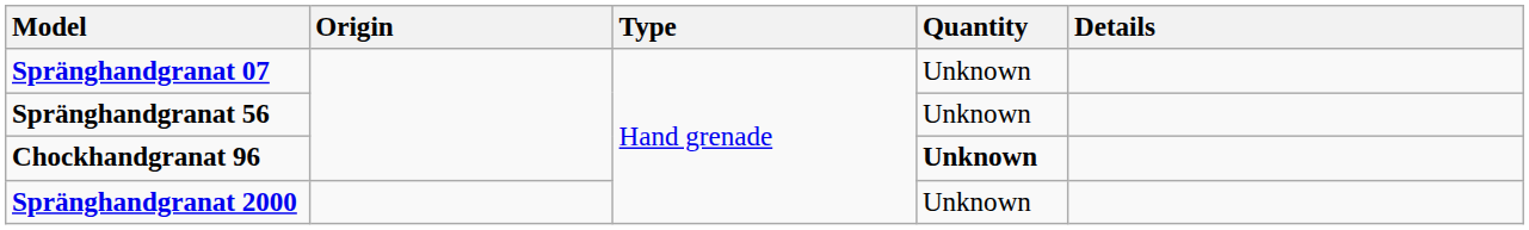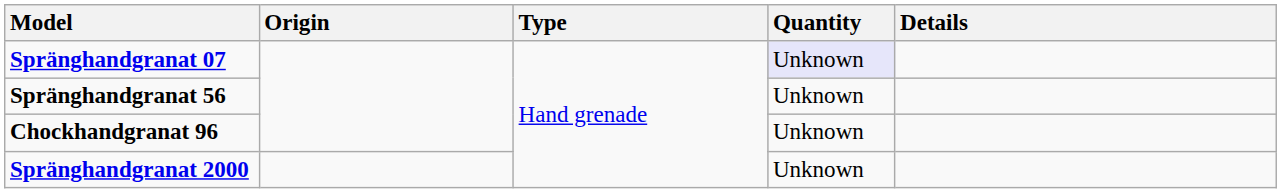 <table class="wikitable" style="width:100%;">
 <tr>
 <th style="text-align:left;width:20%;">Model</th>
 <th style="text-align:left;width:20%;">Origin</th>
 <th style="text-align:left;width:20%;">Type</th>
 <th style="text-align:left;width:10%;">Quantity</th>
 <th style="text-align:left;width:30%;">Details</th>
 </tr>
 <tr>
 <td><strong><a href='#'>Spräng­hand­granat 07</a></strong></td>
 <td rowspan="3"></td>
 <td rowspan="4"><a href='#'>Hand grenade</a></td>
-<td>Unknown</td>
+<td style="background: lavender;">Unknown</td>
 <td></td>
 </tr>
 <tr>
 <td><strong>Spräng­hand­granat 56</strong></td>
 <td>Unknown</td>
 <td></td>
 </tr>
 <tr>
 <td><strong>Chock­hand­granat 96</strong></td>
-<td><strong>Unknown</strong></td>
+<td>Unknown</td>
 <td></td>
 </tr>
 <tr>
 <td><strong><a href='#'>Spräng­hand­granat 2000</a></strong></td>
 <td></td>
 <td>Unknown</td>
 <td></td>
 </tr>
 </table>
